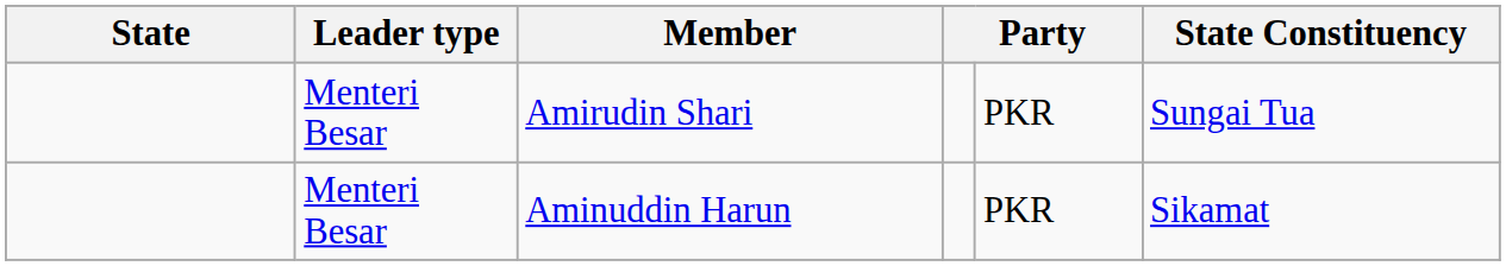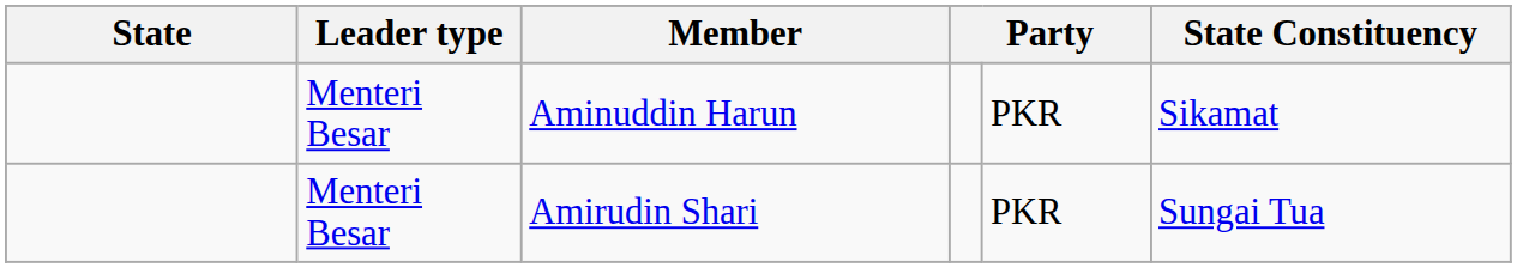 <table class ="wikitable sortable">
 <tr>
 <th style="width:120px;">State</th>
 <th style="width:90px;">Leader type</th>
 <th style="width:180px;">Member</th>
 <th style="width:80px;" colspan=2>Party</th>
 <th style="width:150px;">State Constituency</th>
 </tr>
 <tr>
 <td></td>
 <td><a href='#'>Menteri Besar</a></td>
+<td><a href='#'>Aminuddin Harun</a></td>
+<td></td>
+<td>PKR</td>
+<td><a href='#'>Sikamat</a></td>
+</tr>
+<tr>
+<td></td>
+<td><a href='#'>Menteri Besar</a></td>
 <td><a href='#'>Amirudin Shari</a></td>
 <td></td>
 <td>PKR</td>
 <td><a href='#'>Sungai Tua</a></td>
 </tr>
-<tr>
-<td></td>
-<td><a href='#'>Menteri Besar</a></td>
-<td><a href='#'>Aminuddin Harun</a></td>
-<td></td>
-<td>PKR</td>
-<td><a href='#'>Sikamat</a></td>
-</tr>
 </table>
